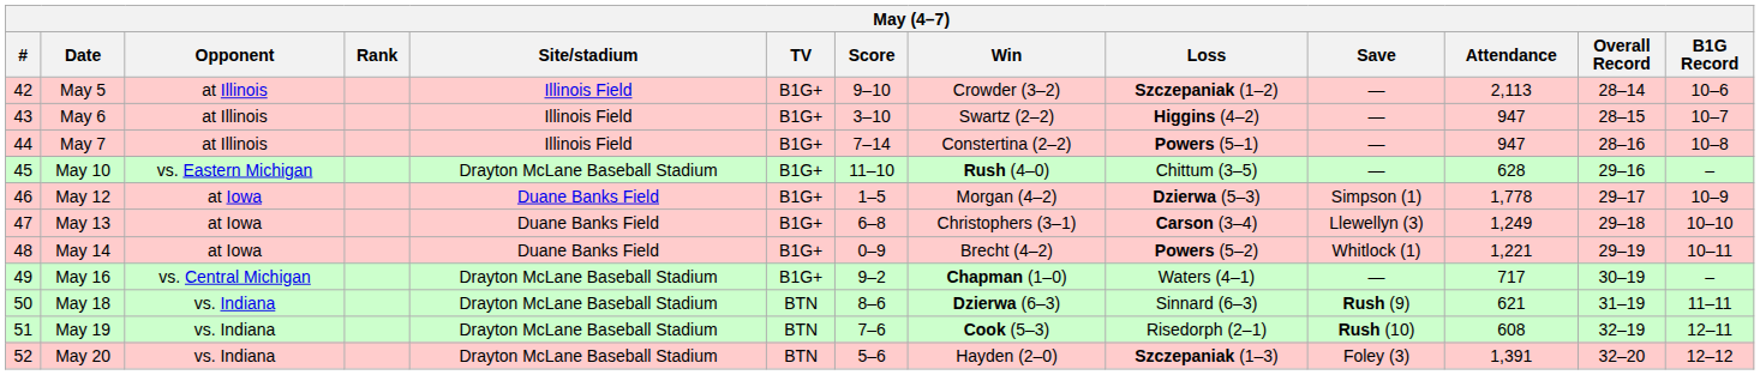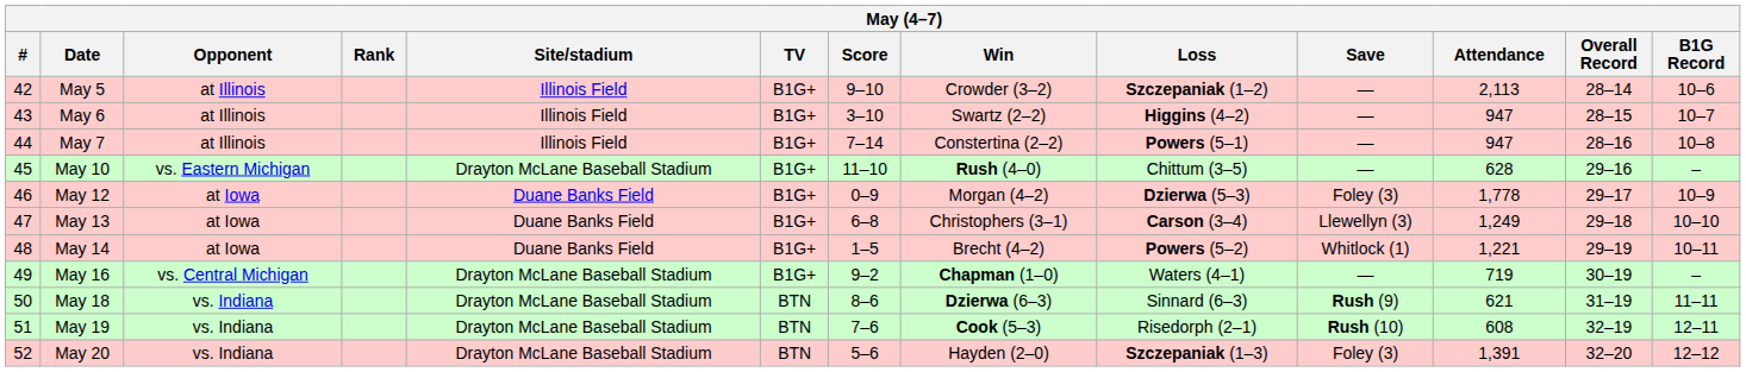 <table class="wikitable collapsible open" style="margin:auto; width:100%; text-align:center; font-size:95%">
 <tr>
 <th colspan=13 style="padding-left:4em;">May (4–7)</th>
 </tr>
 <tr>
 <th>#</th>
 <th>Date</th>
 <th>Opponent</th>
 <th>Rank</th>
 <th>Site/stadium</th>
 <th>TV</th>
 <th>Score</th>
 <th>Win</th>
 <th>Loss</th>
 <th>Save</th>
 <th>Attendance</th>
 <th>Overall<br>Record</th>
 <th>B1G<br>Record</th>
 </tr>
 <tr align="center" bgcolor="#ffcccc">
 <td>42</td>
 <td>May 5</td>
 <td>at <a href='#'>Illinois</a></td>
 <td></td>
 <td><a href='#'>Illinois Field</a></td>
 <td>B1G+</td>
 <td>9–10</td>
 <td>Crowder (3–2)</td>
 <td><strong>Szczepaniak</strong> (1–2)</td>
 <td>—</td>
 <td>2,113</td>
 <td>28–14</td>
 <td>10–6</td>
 </tr>
 <tr align="center" bgcolor="#ffcccc">
 <td>43</td>
 <td>May 6</td>
 <td>at Illinois</td>
 <td></td>
 <td>Illinois Field</td>
 <td>B1G+</td>
 <td>3–10</td>
 <td>Swartz (2–2)</td>
 <td><strong>Higgins</strong> (4–2)</td>
 <td>—</td>
 <td>947</td>
 <td>28–15</td>
 <td>10–7</td>
 </tr>
 <tr align="center" bgcolor="#ffcccc">
 <td>44</td>
 <td>May 7</td>
 <td>at Illinois</td>
 <td></td>
 <td>Illinois Field</td>
 <td>B1G+</td>
 <td>7–14</td>
 <td>Constertina (2–2)</td>
 <td><strong>Powers</strong> (5–1)</td>
 <td>—</td>
 <td>947</td>
 <td>28–16</td>
 <td>10–8</td>
 </tr>
 <tr align="center" bgcolor="#ccffcc">
 <td>45</td>
 <td>May 10</td>
 <td>vs. <a href='#'>Eastern Michigan</a></td>
 <td></td>
 <td>Drayton McLane Baseball Stadium</td>
 <td>B1G+</td>
 <td>11–10 </td>
 <td><strong>Rush</strong> (4–0)</td>
 <td>Chittum (3–5)</td>
 <td>—</td>
 <td>628</td>
 <td>29–16</td>
 <td>–</td>
 </tr>
 <tr align="center" bgcolor="#ffcccc">
 <td>46</td>
 <td>May 12</td>
 <td>at <a href='#'>Iowa</a></td>
 <td></td>
 <td><a href='#'>Duane Banks Field</a></td>
 <td>B1G+</td>
-<td>1–5</td>
+<td>0–9</td>
 <td>Morgan (4–2)</td>
 <td><strong>Dzierwa</strong> (5–3)</td>
-<td>Simpson (1)</td>
+<td>Foley (3)</td>
 <td>1,778</td>
 <td>29–17</td>
 <td>10–9</td>
 </tr>
 <tr align="center" bgcolor="#ffcccc">
 <td>47</td>
 <td>May 13</td>
 <td>at Iowa</td>
 <td></td>
 <td>Duane Banks Field</td>
 <td>B1G+</td>
 <td>6–8</td>
 <td>Christophers (3–1)</td>
 <td><strong>Carson</strong> (3–4)</td>
 <td>Llewellyn (3)</td>
 <td>1,249</td>
 <td>29–18</td>
 <td>10–10</td>
 </tr>
 <tr align="center" bgcolor="#ffcccc">
 <td>48</td>
 <td>May 14</td>
 <td>at Iowa</td>
 <td></td>
 <td>Duane Banks Field</td>
 <td>B1G+</td>
-<td>0–9</td>
+<td>1–5</td>
 <td>Brecht (4–2)</td>
 <td><strong>Powers</strong> (5–2)</td>
 <td>Whitlock (1)</td>
 <td>1,221</td>
 <td>29–19</td>
 <td>10–11</td>
 </tr>
 <tr align="center" bgcolor="#ccffcc">
 <td>49</td>
 <td>May 16</td>
 <td>vs. <a href='#'>Central Michigan</a></td>
 <td></td>
 <td>Drayton McLane Baseball Stadium</td>
 <td>B1G+</td>
 <td>9–2</td>
 <td><strong>Chapman</strong> (1–0)</td>
 <td>Waters (4–1)</td>
 <td>—</td>
-<td>717</td>
+<td>719</td>
 <td>30–19</td>
 <td>–</td>
 </tr>
 <tr align="center" bgcolor="#ccffcc">
 <td>50</td>
 <td>May 18</td>
 <td>vs. <a href='#'>Indiana</a></td>
 <td></td>
 <td>Drayton McLane Baseball Stadium</td>
 <td>BTN</td>
 <td>8–6</td>
 <td><strong>Dzierwa</strong> (6–3)</td>
 <td>Sinnard (6–3)</td>
 <td><strong>Rush</strong> (9)</td>
 <td>621</td>
 <td>31–19</td>
 <td>11–11</td>
 </tr>
 <tr align="center" bgcolor="#ccffcc">
 <td>51</td>
 <td>May 19</td>
 <td>vs. Indiana</td>
 <td></td>
 <td>Drayton McLane Baseball Stadium</td>
 <td>BTN</td>
 <td>7–6</td>
 <td><strong>Cook</strong> (5–3)</td>
 <td>Risedorph (2–1)</td>
 <td><strong>Rush</strong> (10)</td>
 <td>608</td>
 <td>32–19</td>
 <td>12–11</td>
 </tr>
 <tr align="center" bgcolor="#ffcccc">
 <td>52</td>
 <td>May 20</td>
 <td>vs. Indiana</td>
 <td></td>
 <td>Drayton McLane Baseball Stadium</td>
 <td>BTN</td>
 <td>5–6</td>
 <td>Hayden (2–0)</td>
 <td><strong>Szczepaniak</strong> (1–3)</td>
 <td>Foley (3)</td>
 <td>1,391</td>
 <td>32–20</td>
 <td>12–12</td>
 </tr>
 </table>
